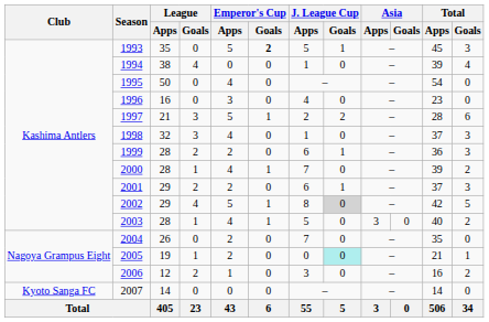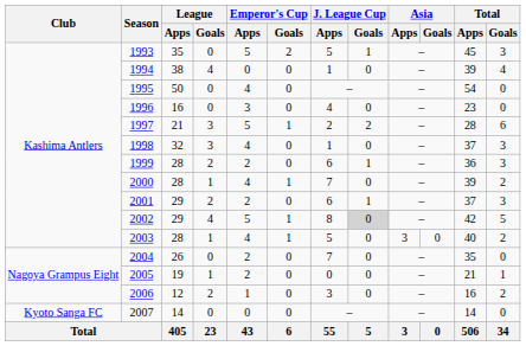 <table class="wikitable" style="text-align:center">
 <tr>
 <th rowspan="2">Club</th>
 <th rowspan="2">Season</th>
 <th colspan="2">League</th>
 <th colspan="2"><a href='#'>Emperor's Cup</a></th>
 <th colspan="2"><a href='#'>J. League Cup</a></th>
 <th colspan="2"><a href='#'>Asia</a></th>
 <th colspan="2">Total</th>
 </tr>
 <tr>
 <th>Apps</th>
 <th>Goals</th>
 <th>Apps</th>
 <th>Goals</th>
 <th>Apps</th>
 <th>Goals</th>
 <th>Apps</th>
 <th>Goals</th>
 <th>Apps</th>
 <th>Goals</th>
 </tr>
 <tr>
 <td rowspan="11"><a href='#'>Kashima Antlers</a></td>
 <td><a href='#'>1993</a></td>
 <td>35</td>
 <td>0</td>
 <td>5</td>
-<td><strong>2</strong></td>
+<td>2</td>
 <td>5</td>
 <td>1</td>
 <td colspan="2">–</td>
 <td>45</td>
 <td>3</td>
 </tr>
 <tr>
 <td><a href='#'>1994</a></td>
 <td>38</td>
 <td>4</td>
 <td>0</td>
 <td>0</td>
 <td>1</td>
 <td>0</td>
 <td colspan="2">–</td>
 <td>39</td>
 <td>4</td>
 </tr>
 <tr>
 <td><a href='#'>1995</a></td>
 <td>50</td>
 <td>0</td>
 <td>4</td>
 <td>0</td>
 <td colspan="2">–</td>
 <td colspan="2">–</td>
 <td>54</td>
 <td>0</td>
 </tr>
 <tr>
 <td><a href='#'>1996</a></td>
 <td>16</td>
 <td>0</td>
 <td>3</td>
 <td>0</td>
 <td>4</td>
 <td>0</td>
 <td colspan="2">–</td>
 <td>23</td>
 <td>0</td>
 </tr>
 <tr>
 <td><a href='#'>1997</a></td>
 <td>21</td>
 <td>3</td>
 <td>5</td>
 <td>1</td>
 <td>2</td>
 <td>2</td>
 <td colspan="2">–</td>
 <td>28</td>
 <td>6</td>
 </tr>
 <tr>
 <td><a href='#'>1998</a></td>
 <td>32</td>
 <td>3</td>
 <td>4</td>
 <td>0</td>
 <td>1</td>
 <td>0</td>
 <td colspan="2">–</td>
 <td>37</td>
 <td>3</td>
 </tr>
 <tr>
 <td><a href='#'>1999</a></td>
 <td>28</td>
 <td>2</td>
 <td>2</td>
 <td>0</td>
 <td>6</td>
 <td>1</td>
 <td colspan="2">–</td>
 <td>36</td>
 <td>3</td>
 </tr>
 <tr>
 <td><a href='#'>2000</a></td>
 <td>28</td>
 <td>1</td>
 <td>4</td>
 <td>1</td>
 <td>7</td>
 <td>0</td>
 <td colspan="2">–</td>
 <td>39</td>
 <td>2</td>
 </tr>
 <tr>
 <td><a href='#'>2001</a></td>
 <td>29</td>
 <td>2</td>
 <td>2</td>
 <td>0</td>
 <td>6</td>
 <td>1</td>
 <td colspan="2">–</td>
 <td>37</td>
 <td>3</td>
 </tr>
 <tr>
 <td><a href='#'>2002</a></td>
 <td>29</td>
 <td>4</td>
 <td>5</td>
 <td>1</td>
 <td>8</td>
 <td style="background: lightgrey;">0</td>
 <td colspan="2">–</td>
 <td>42</td>
 <td>5</td>
 </tr>
 <tr>
 <td><a href='#'>2003</a></td>
 <td>28</td>
 <td>1</td>
 <td>4</td>
 <td>1</td>
 <td>5</td>
 <td>0</td>
 <td>3</td>
 <td>0</td>
 <td>40</td>
 <td>2</td>
 </tr>
 <tr>
 <td rowspan="3"><a href='#'>Nagoya Grampus Eight</a></td>
 <td><a href='#'>2004</a></td>
 <td>26</td>
 <td>0</td>
 <td>2</td>
 <td>0</td>
 <td>7</td>
 <td>0</td>
 <td colspan="2">–</td>
 <td>35</td>
 <td>0</td>
 </tr>
 <tr>
 <td><a href='#'>2005</a></td>
 <td>19</td>
 <td>1</td>
 <td>2</td>
 <td>0</td>
 <td>0</td>
-<td style="background: paleturquoise;">0</td>
+<td>0</td>
 <td colspan="2">–</td>
 <td>21</td>
 <td>1</td>
 </tr>
 <tr>
 <td><a href='#'>2006</a></td>
 <td>12</td>
 <td>2</td>
 <td>1</td>
 <td>0</td>
 <td>3</td>
 <td>0</td>
 <td colspan="2">–</td>
 <td>16</td>
 <td>2</td>
 </tr>
 <tr>
 <td><a href='#'>Kyoto Sanga FC</a></td>
 <td>2007</td>
 <td>14</td>
 <td>0</td>
 <td>0</td>
 <td>0</td>
 <td colspan="2">–</td>
 <td colspan="2">–</td>
 <td>14</td>
 <td>0</td>
 </tr>
 <tr>
 <th colspan="2">Total</th>
 <th>405</th>
 <th>23</th>
 <th>43</th>
 <th>6</th>
 <th>55</th>
 <th>5</th>
 <th>3</th>
 <th>0</th>
 <th>506</th>
 <th>34</th>
 </tr>
 </table>
